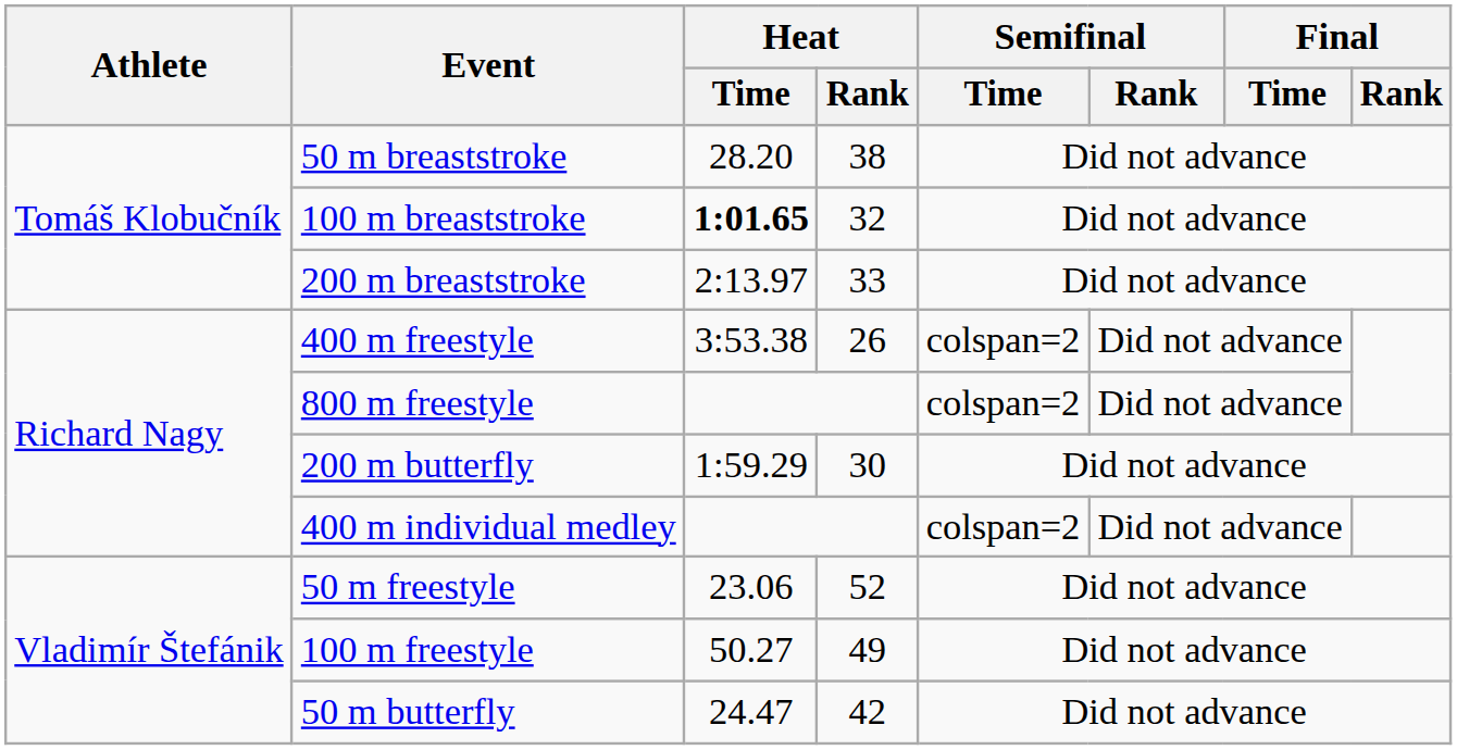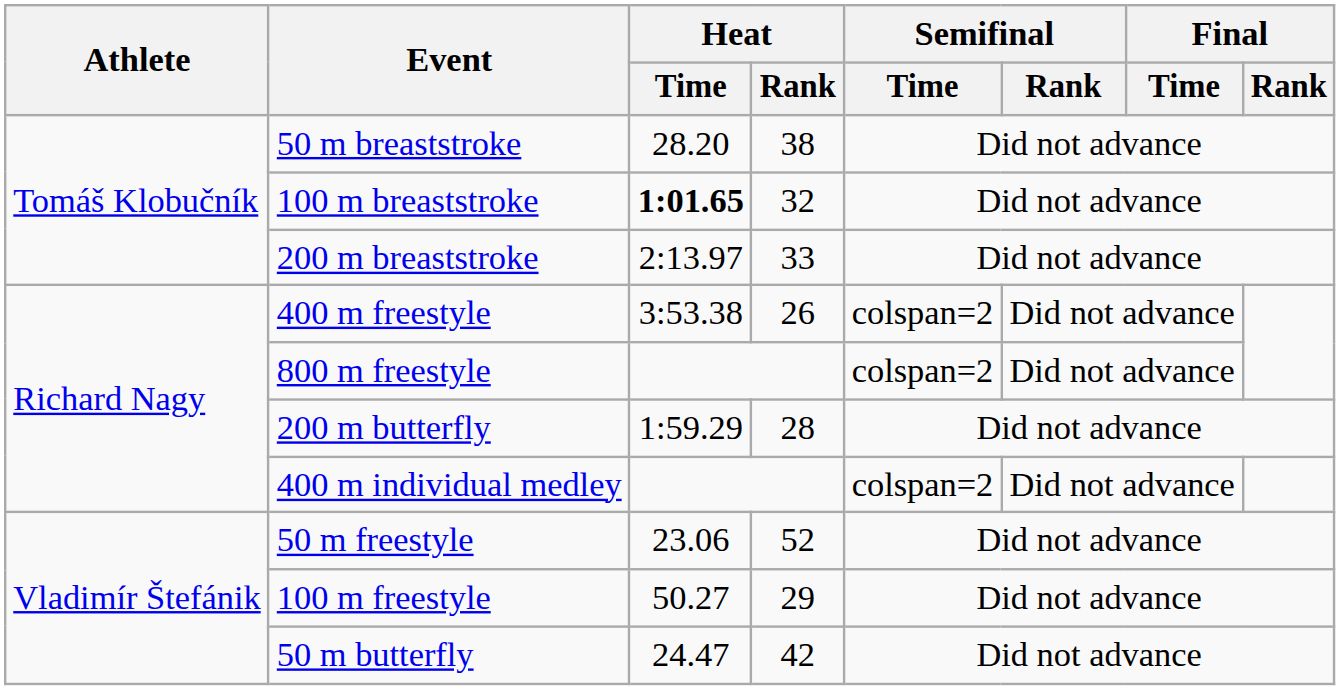 <table class="wikitable" style="text-align:center; font-size:90%">
 <tr>
 <th rowspan="2">Athlete</th>
 <th rowspan="2">Event</th>
 <th colspan="2">Heat</th>
 <th colspan="2">Semifinal</th>
 <th colspan="2">Final</th>
 </tr>
 <tr style="font-size:95%">
 <th>Time</th>
 <th>Rank</th>
 <th>Time</th>
 <th>Rank</th>
 <th>Time</th>
 <th>Rank</th>
 </tr>
 <tr>
 <td align=left rowspan=3><a href='#'>Tomáš Klobučník</a></td>
 <td align=left><a href='#'>50 m breaststroke</a></td>
 <td>28.20</td>
 <td>38</td>
 <td colspan="4">Did not advance</td>
 </tr>
 <tr>
 <td align=left><a href='#'>100 m breaststroke</a></td>
 <td><strong>1:01.65</strong></td>
 <td>32</td>
 <td colspan=4>Did not advance</td>
 </tr>
 <tr>
 <td align=left><a href='#'>200 m breaststroke</a></td>
 <td>2:13.97</td>
 <td>33</td>
 <td colspan="4">Did not advance</td>
 </tr>
 <tr>
 <td align=left rowspan=4><a href='#'>Richard Nagy</a></td>
 <td align=left><a href='#'>400 m freestyle</a></td>
 <td>3:53.38</td>
 <td>26</td>
 <td>colspan=2 </td>
 <td colspan=2>Did not advance</td>
 </tr>
 <tr>
 <td align=left><a href='#'>800 m freestyle</a></td>
 <td colspan=2></td>
 <td>colspan=2 </td>
 <td colspan=2>Did not advance</td>
 </tr>
 <tr>
 <td align=left><a href='#'>200 m butterfly</a></td>
 <td>1:59.29</td>
-<td>30</td>
+<td>28</td>
 <td colspan=4>Did not advance</td>
 </tr>
 <tr>
 <td align=left><a href='#'>400 m individual medley</a></td>
 <td colspan=2></td>
 <td>colspan=2 </td>
 <td colspan=2>Did not advance</td>
 </tr>
 <tr>
 <td align=left rowspan=3><a href='#'>Vladimír Štefánik</a></td>
 <td align=left><a href='#'>50 m freestyle</a></td>
 <td>23.06</td>
 <td>52</td>
 <td colspan=4>Did not advance</td>
 </tr>
 <tr>
 <td align=left><a href='#'>100 m freestyle</a></td>
 <td>50.27</td>
-<td>49</td>
+<td>29</td>
 <td colspan=4>Did not advance</td>
 </tr>
 <tr>
 <td align=left><a href='#'>50 m butterfly</a></td>
 <td>24.47</td>
 <td>42</td>
 <td colspan=4>Did not advance</td>
 </tr>
 </table>
